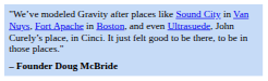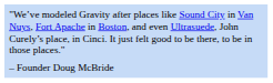 <table class="toccolours" style="float: right; margin-left: 1em; margin-right: 2em; font-size: 85%; background:#c6dbf7; color:black; width:28em; max-width: 40%;" cellspacing="5">
 <tr>
 <td style="text-align: left;">"We’ve modeled Gravity after places like <a href='#'>Sound City</a> in <a href='#'>Van Nuys</a>, <a href='#'>Fort Apache</a> in <a href='#'>Boston</a>, and even <a href='#'>Ultrasuede</a>, John Curely’s place, in Cinci. It just felt good to be there, to be in those places."</td>
 </tr>
 <tr>
-<td style="text-align: left;"><strong>– Founder Doug McBride</strong></td>
+<td style="text-align: left;">– Founder Doug McBride</td>
 </tr>
 </table>
